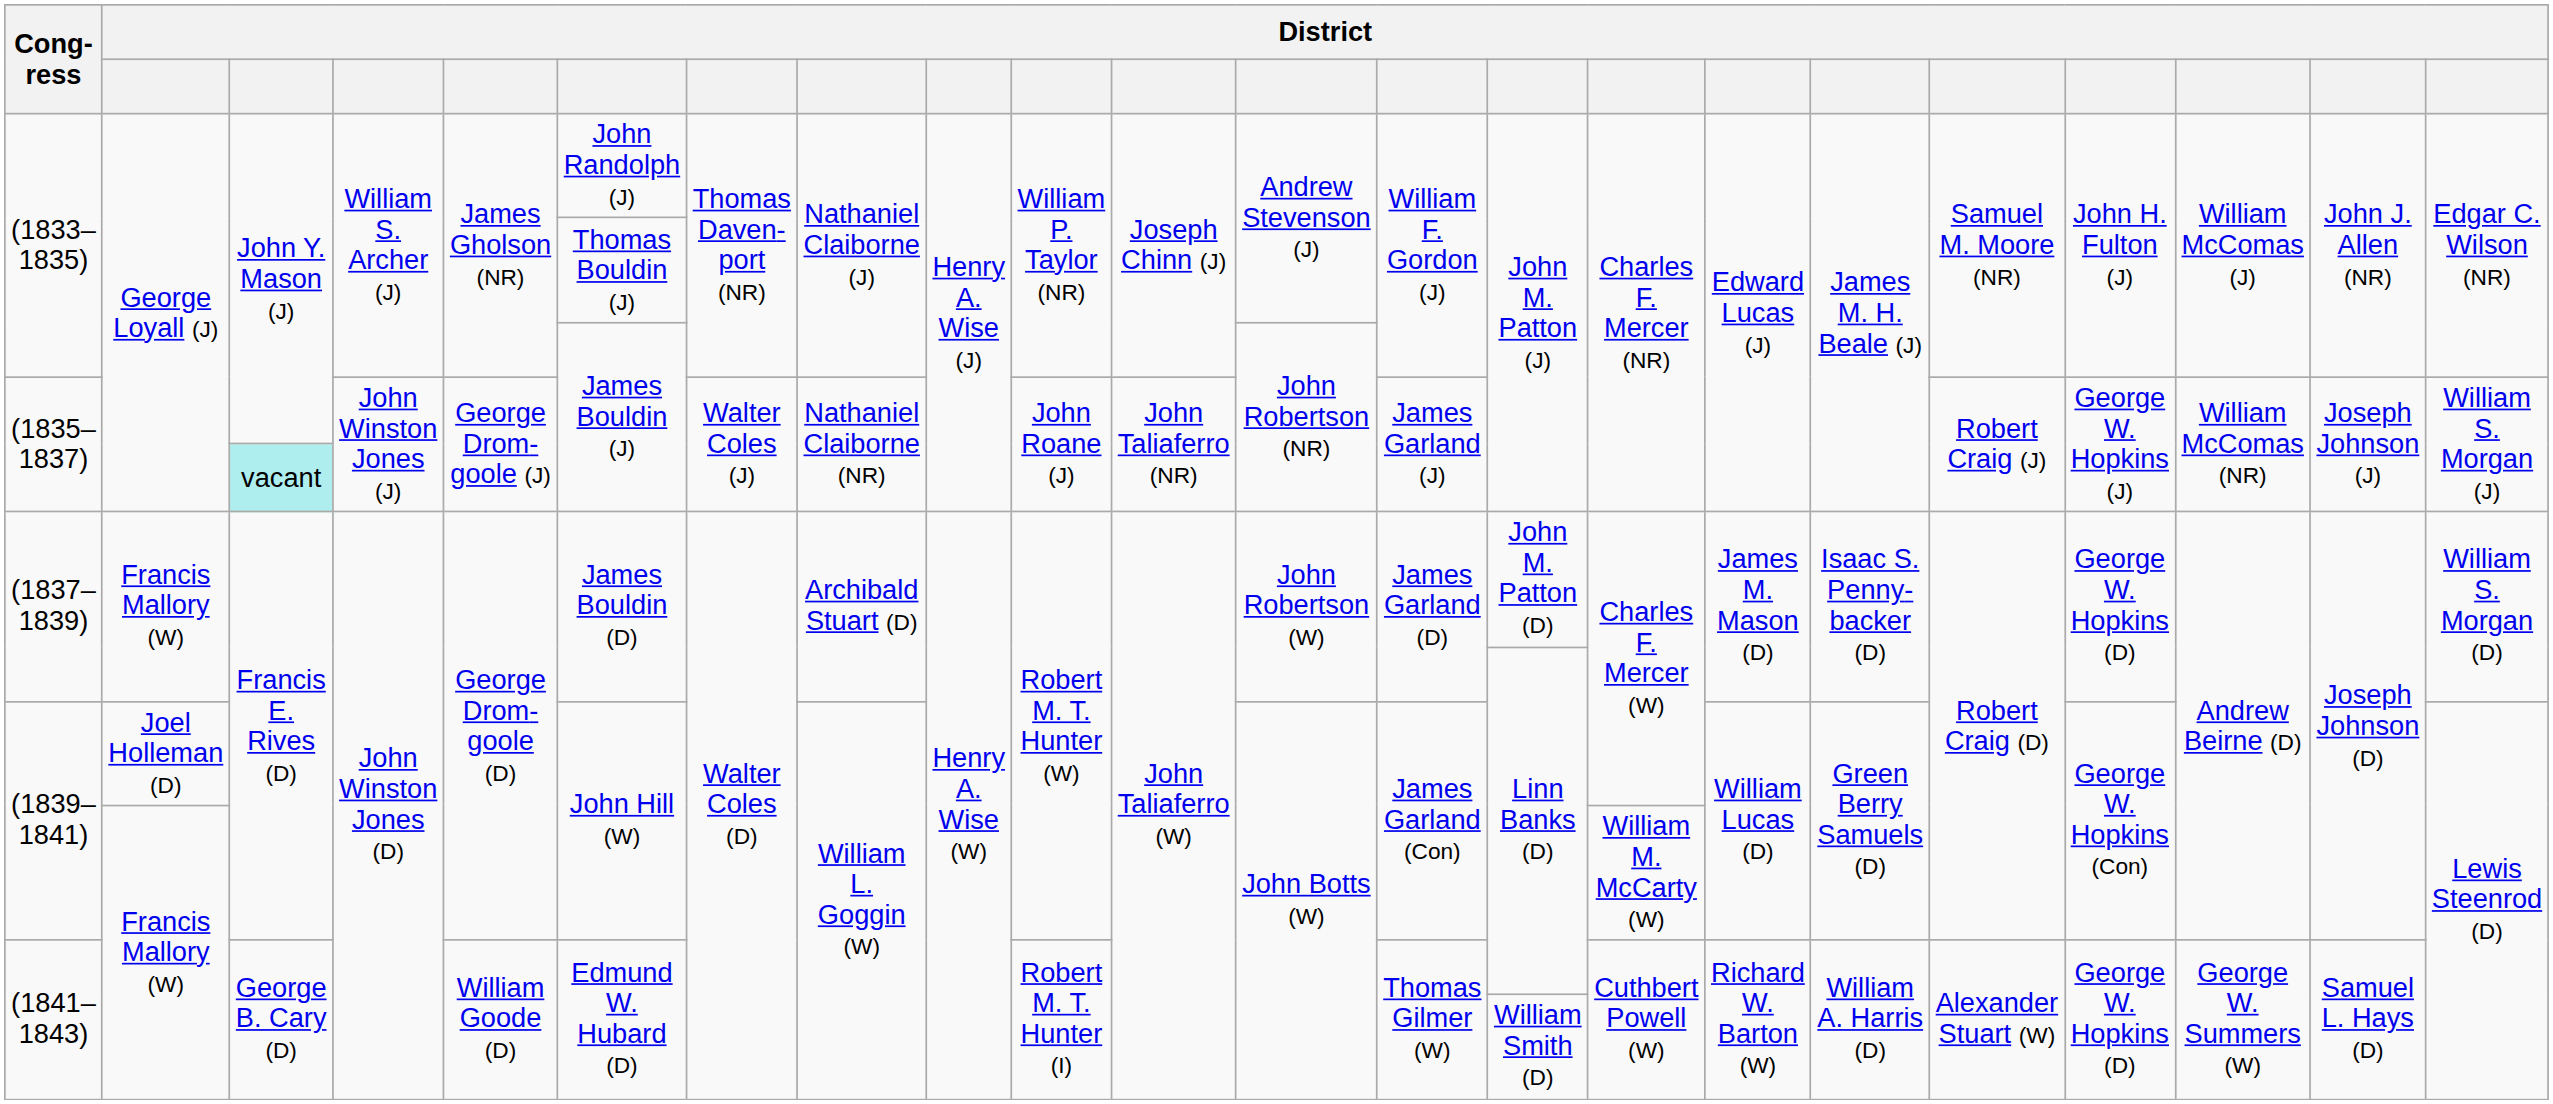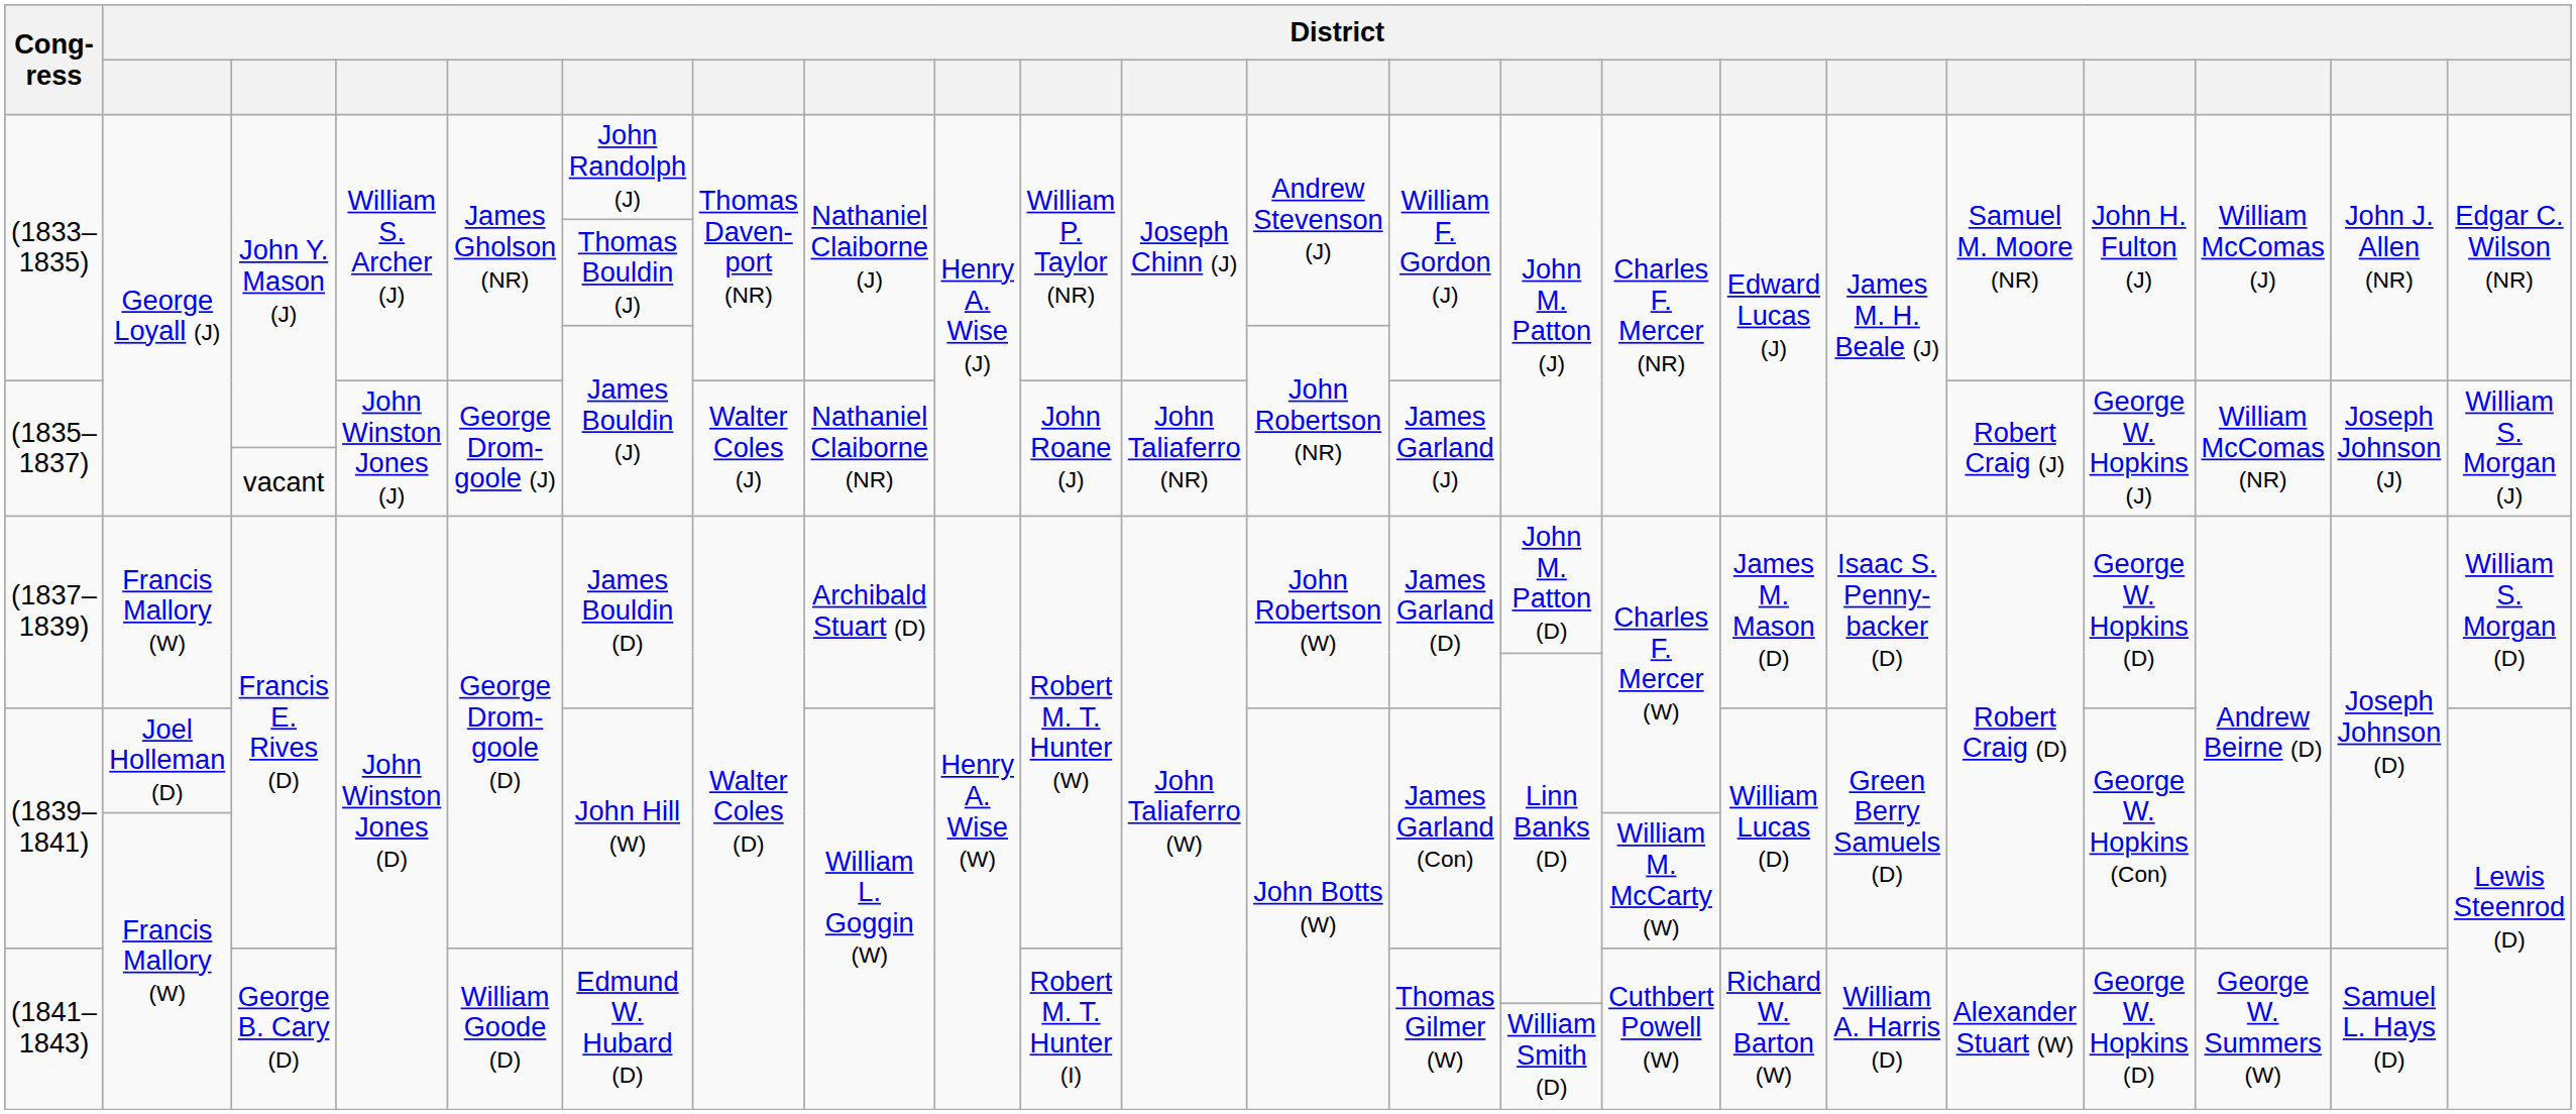 <table class=wikitable style="text-align:center">
 <tr style="height:2em">
 <th rowspan=2>Cong­ress</th>
 <th colspan=21>District</th>
 </tr>
 <tr style="height:2em">
 <th></th>
 <th></th>
 <th></th>
 <th></th>
 <th></th>
 <th></th>
 <th></th>
 <th></th>
 <th></th>
 <th></th>
 <th></th>
 <th></th>
 <th></th>
 <th></th>
 <th></th>
 <th></th>
 <th></th>
 <th></th>
 <th></th>
 <th></th>
 <th></th>
 </tr>
 <tr style="height:2em">
 <td rowspan=3><strong></strong> (1833–1835)</td>
 <td rowspan=5 ><a href='#'>George Loyall</a> <small>(J)</small></td>
 <td rowspan=4 ><a href='#'>John Y. Mason</a> <small>(J)</small></td>
 <td rowspan=3 ><a href='#'>William S. Archer</a> <small>(J)</small></td>
 <td rowspan=3 ><a href='#'>James Gholson</a> <small>(NR)</small></td>
 <td rowspan=1 ><a href='#'>John Randolph</a> <small>(J)</small></td>
 <td rowspan=3 ><a href='#'>Thomas Daven­port</a> <small>(NR)</small></td>
 <td rowspan=3 ><a href='#'>Nathaniel Claiborne</a> <small>(J)</small></td>
 <td rowspan=5 ><a href='#'>Henry A. Wise</a> <small>(J)</small></td>
 <td rowspan=3 ><a href='#'>William P. Taylor</a> <small>(NR)</small></td>
 <td rowspan=3 ><a href='#'>Joseph Chinn</a> <small>(J)</small></td>
 <td rowspan=2 ><a href='#'>Andrew Stevenson</a> <small>(J)</small></td>
 <td rowspan=3 ><a href='#'>William F. Gordon</a> <small>(J)</small></td>
 <td rowspan=5 ><a href='#'>John M. Patton</a> <small>(J)</small></td>
 <td rowspan=5 ><a href='#'>Charles F. Mercer</a> <small>(NR)</small></td>
 <td rowspan=5 ><a href='#'>Edward Lucas</a> <small>(J)</small></td>
 <td rowspan=5 ><a href='#'>James M. H. Beale</a> <small>(J)</small></td>
 <td rowspan=3 ><a href='#'>Samuel M. Moore</a> <small>(NR)</small></td>
 <td rowspan=3 ><a href='#'>John H. Fulton</a> <small>(J)</small></td>
 <td rowspan=3 ><a href='#'>William McComas</a> <small>(J)</small></td>
 <td rowspan=3 ><a href='#'>John J. Allen</a> <small>(NR)</small></td>
 <td rowspan=3 ><a href='#'>Edgar C. Wilson</a> <small>(NR)</small></td>
 </tr>
 <tr style="height:2em">
 <td><a href='#'>Thomas Bouldin</a> <small>(J)</small></td>
 </tr>
 <tr style="height:2em">
 <td rowspan=3 ><a href='#'>James Bouldin</a> <small>(J)</small></td>
 <td rowspan=3 ><a href='#'>John Robertson</a> <small>(NR)</small></td>
 </tr>
 <tr style="height:2em">
 <td rowspan=2><strong></strong> (1835–1837)</td>
 <td rowspan=2 ><a href='#'>John Winston Jones</a> <small>(J)</small></td>
 <td rowspan=2 ><a href='#'>George Drom­goole</a> <small>(J)</small></td>
 <td rowspan=2 ><a href='#'>Walter Coles</a> <small>(J)</small></td>
 <td rowspan=2 ><a href='#'>Nathaniel Claiborne</a> <small>(NR)</small></td>
 <td rowspan=2 ><a href='#'>John Roane</a> <small>(J)</small></td>
 <td rowspan=2 ><a href='#'>John Taliaferro</a> <small>(NR)</small></td>
 <td rowspan=2 ><a href='#'>James Garland</a> <small>(J)</small></td>
 <td rowspan=2 ><a href='#'>Robert Craig</a> <small>(J)</small></td>
 <td rowspan=2 ><a href='#'>George W. Hopkins</a> <small>(J)</small></td>
 <td rowspan=2 ><a href='#'>William McComas</a> <small>(NR)</small></td>
 <td rowspan=2 ><a href='#'>Joseph Johnson</a> <small>(J)</small></td>
 <td rowspan=2 ><a href='#'>William S. Morgan</a> <small>(J)</small></td>
 </tr>
 <tr style="height:2em">
-<td style="background: paleturquoise;">vacant</td>
+<td>vacant</td>
 </tr>
 <tr style="height:2em">
 <td rowspan=2><strong></strong> (1837–1839)</td>
 <td rowspan=2 ><a href='#'>Francis Mallory</a> <small>(W)</small></td>
 <td rowspan=4 ><a href='#'>Francis E. Rives</a> <small>(D)</small></td>
 <td rowspan=6 ><a href='#'>John Winston Jones</a> <small>(D)</small></td>
 <td rowspan=4 ><a href='#'>George Drom­goole</a> <small>(D)</small></td>
 <td rowspan=2 ><a href='#'>James Bouldin</a> <small>(D)</small></td>
 <td rowspan=6 ><a href='#'>Walter Coles</a> <small>(D)</small></td>
 <td rowspan=2 ><a href='#'>Archibald Stuart</a> <small>(D)</small></td>
 <td rowspan=6 ><a href='#'>Henry A. Wise</a> <small>(W)</small></td>
 <td rowspan=4 ><a href='#'>Robert M. T. Hunter</a> <small>(W)</small></td>
 <td rowspan=6 ><a href='#'>John Taliaferro</a> <small>(W)</small></td>
 <td rowspan=2 ><a href='#'>John Robertson</a> <small>(W)</small></td>
 <td rowspan=2 ><a href='#'>James Garland</a> <small>(D)</small></td>
 <td><a href='#'>John M. Patton</a> <small>(D)</small></td>
 <td rowspan=3 ><a href='#'>Charles F. Mercer</a> <small>(W)</small></td>
 <td rowspan=2 ><a href='#'>James M. Mason</a> <small>(D)</small></td>
 <td rowspan=2 ><a href='#'>Isaac S. Penny­backer</a> <small>(D)</small></td>
 <td rowspan=4 ><a href='#'>Robert Craig</a> <small>(D)</small></td>
 <td rowspan=2 ><a href='#'>George W. Hopkins</a> <small>(D)</small></td>
 <td rowspan=4 ><a href='#'>Andrew Beirne</a> <small>(D)</small></td>
 <td rowspan=4 ><a href='#'>Joseph Johnson</a> <small>(D)</small></td>
 <td rowspan=2 ><a href='#'>William S. Morgan</a> <small>(D)</small></td>
 </tr>
 <tr style="height:2em">
 <td rowspan=4 ><a href='#'>Linn Banks</a> <small>(D)</small></td>
 </tr>
 <tr style="height:2em">
 <td rowspan=2><strong></strong> (1839–1841)</td>
 <td><a href='#'>Joel Holleman</a> <small>(D)</small></td>
 <td rowspan=2 ><a href='#'>John Hill</a> <small>(W)</small></td>
 <td rowspan=4 ><a href='#'>William L. Goggin</a> <small>(W)</small></td>
 <td rowspan=4 ><a href='#'>John Botts</a> <small>(W)</small></td>
 <td rowspan=2 ><a href='#'>James Garland</a> <small>(Con)</small></td>
 <td rowspan=2 ><a href='#'>William Lucas</a> <small>(D)</small></td>
 <td rowspan=2 ><a href='#'>Green Berry Samuels</a> <small>(D)</small></td>
 <td rowspan=2 ><a href='#'>George W. Hopkins</a> <small>(Con)</small></td>
 <td rowspan=4 ><a href='#'>Lewis Steenrod</a> <small>(D)</small></td>
 </tr>
 <tr style="height:2em">
 <td rowspan=3 ><a href='#'>Francis Mallory</a> <small>(W)</small></td>
 <td><a href='#'>William M. McCarty</a> <small>(W)</small></td>
 </tr>
 <tr style="height:2em">
 <td rowspan=2><strong></strong> (1841–1843)</td>
 <td rowspan=2 ><a href='#'>George B. Cary</a> <small>(D)</small></td>
 <td rowspan=2 ><a href='#'>William Goode</a> <small>(D)</small></td>
 <td rowspan=2 ><a href='#'>Edmund W. Hubard</a> <small>(D)</small></td>
 <td rowspan=2 ><a href='#'>Robert M. T. Hunter</a> <small>(I)</small></td>
 <td rowspan=2 ><a href='#'>Thomas Gilmer</a> <small>(W)</small></td>
 <td rowspan=2 ><a href='#'>Cuthbert Powell</a> <small>(W)</small></td>
 <td rowspan=2 ><a href='#'>Richard W. Barton</a> <small>(W)</small></td>
 <td rowspan=2 ><a href='#'>William A. Harris</a> <small>(D)</small></td>
 <td rowspan=2 ><a href='#'>Alexander Stuart</a> <small>(W)</small></td>
 <td rowspan=2 ><a href='#'>George W. Hopkins</a> <small>(D)</small></td>
 <td rowspan=2 ><a href='#'>George W. Summers</a> <small>(W)</small></td>
 <td rowspan=2 ><a href='#'>Samuel L. Hays</a> <small>(D)</small></td>
 </tr>
 <tr style="height:2em">
 <td><a href='#'>William Smith</a> <small>(D)</small></td>
 </tr>
 </table>
